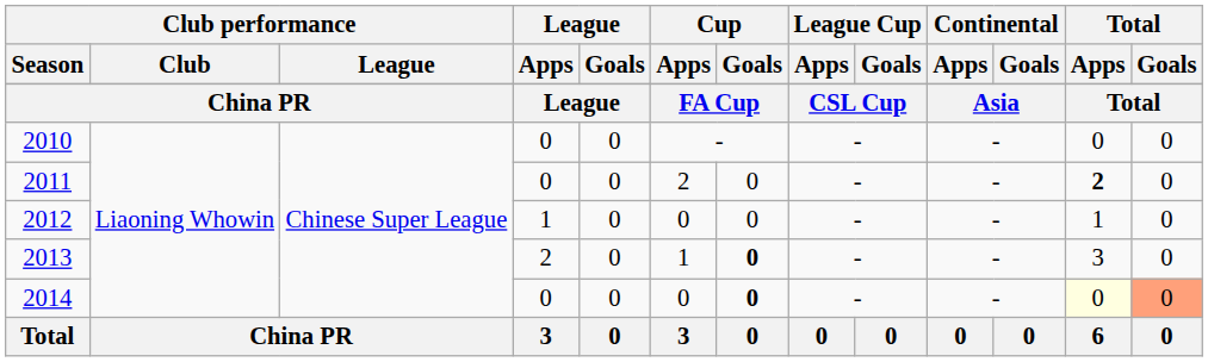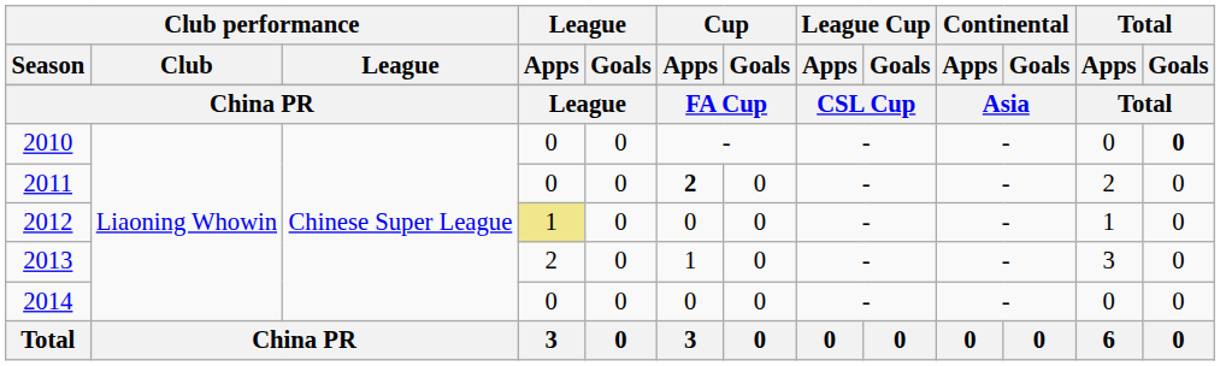 <table class="wikitable" style="text-align:center">
 <tr>
 <th colspan=3>Club performance</th>
 <th colspan=2>League</th>
 <th colspan=2>Cup</th>
 <th colspan=2>League Cup</th>
 <th colspan=2>Continental</th>
 <th colspan=2>Total</th>
 </tr>
 <tr>
 <th>Season</th>
 <th>Club</th>
 <th>League</th>
 <th>Apps</th>
 <th>Goals</th>
 <th>Apps</th>
 <th>Goals</th>
 <th>Apps</th>
 <th>Goals</th>
 <th>Apps</th>
 <th>Goals</th>
 <th>Apps</th>
 <th>Goals</th>
 </tr>
 <tr>
 </tr>
 <tr>
 <th colspan=3>China PR</th>
 <th colspan=2>League</th>
 <th colspan=2><a href='#'>FA Cup</a></th>
 <th colspan=2><a href='#'>CSL Cup</a></th>
 <th colspan=2><a href='#'>Asia</a></th>
 <th colspan=2>Total</th>
 </tr>
 <tr>
 <td><a href='#'>2010</a></td>
 <td rowspan="5"><a href='#'>Liaoning Whowin</a></td>
 <td rowspan="5"><a href='#'>Chinese Super League</a></td>
 <td>0</td>
 <td>0</td>
 <td colspan="2">-</td>
 <td colspan="2">-</td>
 <td colspan="2">-</td>
 <td>0</td>
-<td>0</td>
+<td><strong>0</strong></td>
 </tr>
 <tr>
 <td><a href='#'>2011</a></td>
 <td>0</td>
 <td>0</td>
-<td>2</td>
+<td><strong>2</strong></td>
 <td>0</td>
 <td colspan="2">-</td>
 <td colspan="2">-</td>
-<td><strong>2</strong></td>
+<td>2</td>
 <td>0</td>
 </tr>
 <tr>
 <td><a href='#'>2012</a></td>
-<td>1</td>
+<td style="background: khaki;">1</td>
 <td>0</td>
 <td>0</td>
 <td>0</td>
 <td colspan="2">-</td>
 <td colspan="2">-</td>
 <td>1</td>
 <td>0</td>
 </tr>
 <tr>
 <td><a href='#'>2013</a></td>
 <td>2</td>
 <td>0</td>
 <td>1</td>
-<td><strong>0</strong></td>
+<td>0</td>
 <td colspan="2">-</td>
 <td colspan="2">-</td>
 <td>3</td>
 <td>0</td>
 </tr>
 <tr>
 <td><a href='#'>2014</a></td>
 <td>0</td>
 <td>0</td>
 <td>0</td>
-<td><strong>0</strong></td>
+<td>0</td>
 <td colspan="2">-</td>
 <td colspan="2">-</td>
-<td style="background: lightyellow;">0</td>
-<td style="background: lightsalmon;">0</td>
+<td>0</td>
+<td>0</td>
 </tr>
 <tr>
 <th rowspan=3>Total</th>
 <th colspan=2>China PR</th>
 <th>3</th>
 <th>0</th>
 <th>3</th>
 <th>0</th>
 <th>0</th>
 <th>0</th>
 <th>0</th>
 <th>0</th>
 <th>6</th>
 <th>0</th>
 </tr>
 </table>
